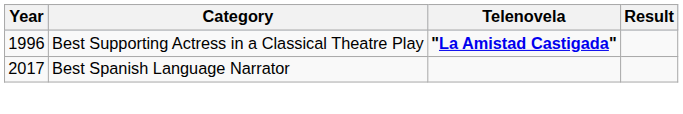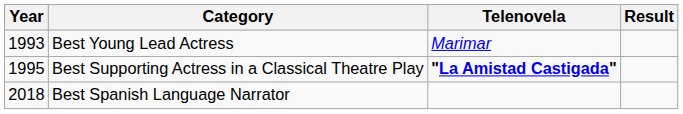 <table class="wikitable">
 <tr style="background:#b0c4de;">
 <th>Year</th>
 <th>Category</th>
 <th>Telenovela</th>
 <th>Result</th>
 </tr>
 <tr>
-<td>1996</td>
+<td>1993</td>
+<td>Best Young Lead Actress</td>
+<td><em><a href='#'>Marimar</a></em></td>
+<td></td>
+</tr>
+<tr>
+<td>1995</td>
 <td>Best Supporting Actress in a Classical Theatre Play</td>
 <td><strong>"<a href='#'>La Amistad Castigada</a>"</strong></td>
 <td></td>
 </tr>
 <tr>
-<td>2017</td>
+<td>2018</td>
 <td>Best Spanish Language Narrator</td>
 <td></td>
 <td></td>
 </tr>
 </table>
